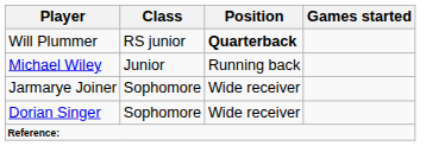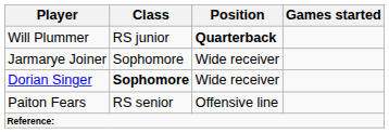 <table class="wikitable">
 <tr>
 <th style="text-align:center; ">Player</th>
 <th style="text-align:center; ">Class</th>
 <th style="text-align:center; ">Position</th>
 <th style="text-align:center; ">Games started</th>
 </tr>
 <tr>
 <td>Will Plummer</td>
 <td>RS junior</td>
 <td><strong>Quarterback</strong></td>
 <td></td>
 </tr>
 <tr>
-<td><a href='#'>Michael Wiley</a></td>
-<td>Junior</td>
-<td>Running back</td>
-<td></td>
-</tr>
-<tr>
 <td>Jarmarye Joiner</td>
 <td>Sophomore</td>
 <td>Wide receiver</td>
 <td></td>
 </tr>
 <tr>
 <td><a href='#'>Dorian Singer</a></td>
-<td>Sophomore</td>
+<td><strong>Sophomore</strong></td>
 <td>Wide receiver</td>
+<td></td>
+</tr>
+<tr>
+<td>Paiton Fears</td>
+<td>RS senior</td>
+<td>Offensive line</td>
 <td></td>
 </tr>
 <tr>
 <td colspan="4"  style="font-size:8pt; text-align:left;"><strong>Reference:</strong></td>
 </tr>
 </table>
